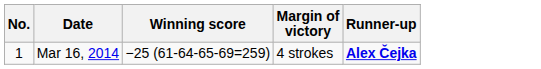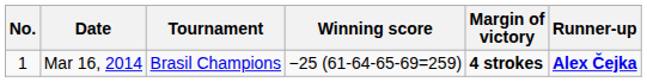 <table class="wikitable" style="font-size:95%;">
 <tr>
 <th>No.</th>
 <th>Date</th>
+<th>Tournament</th>
 <th>Winning score</th>
 <th>Margin of<br>victory</th>
 <th>Runner-up</th>
 </tr>
 <tr>
 <td align=center>1</td>
 <td align=right>Mar 16, <a href='#'>2014</a></td>
+<td><a href='#'>Brasil Champions</a></td>
 <td>−25 (61-64-65-69=259)</td>
-<td>4 strokes</td>
+<td><strong>4 strokes</strong></td>
 <td><strong> <a href='#'>Alex Čejka</a></strong></td>
 </tr>
 </table>
